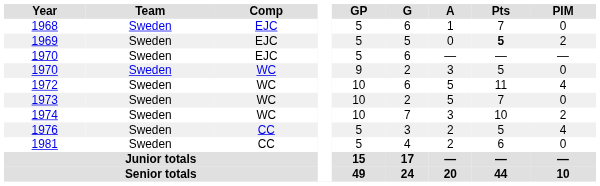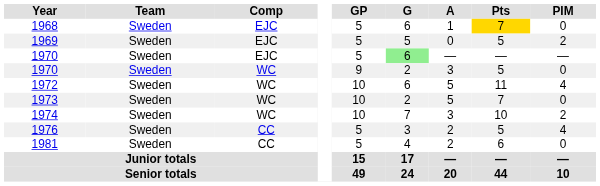 <table border="0" cellpadding="1" cellspacing="0" style="text-align:center; width:50em">
 <tr style="background:#e0e0e0;">
 <th>Year</th>
 <th>Team</th>
 <th>Comp</th>
 <th rowspan="99" style="background:#fff;"> </th>
 <th>GP</th>
 <th>G</th>
 <th>A</th>
 <th>Pts</th>
 <th>PIM</th>
 </tr>
 <tr>
 <td><a href='#'>1968</a></td>
 <td><a href='#'>Sweden</a></td>
 <td><a href='#'>EJC</a></td>
 <td>5</td>
 <td>6</td>
 <td>1</td>
-<td>7</td>
+<td style="background: gold;">7</td>
 <td>0</td>
 </tr>
 <tr bgcolor="#f0f0f0">
 <td><a href='#'>1969</a></td>
 <td>Sweden</td>
 <td>EJC</td>
 <td>5</td>
 <td>5</td>
 <td>0</td>
-<td><strong>5</strong></td>
+<td>5</td>
 <td>2</td>
 </tr>
 <tr>
 <td><a href='#'>1970</a></td>
 <td>Sweden</td>
 <td>EJC</td>
 <td>5</td>
-<td>6</td>
+<td style="background: lightgreen;">6</td>
 <td>—</td>
 <td>—</td>
 <td>—</td>
 </tr>
 <tr bgcolor="#f0f0f0">
 <td><a href='#'>1970</a></td>
 <td><a href='#'>Sweden</a></td>
 <td><a href='#'>WC</a></td>
 <td>9</td>
 <td>2</td>
 <td>3</td>
 <td>5</td>
 <td>0</td>
 </tr>
 <tr>
 <td><a href='#'>1972</a></td>
 <td>Sweden</td>
 <td>WC</td>
 <td>10</td>
 <td>6</td>
 <td>5</td>
 <td>11</td>
 <td>4</td>
 </tr>
 <tr bgcolor="#f0f0f0">
 <td><a href='#'>1973</a></td>
 <td>Sweden</td>
 <td>WC</td>
 <td>10</td>
 <td>2</td>
 <td>5</td>
 <td>7</td>
 <td>0</td>
 </tr>
 <tr>
 <td><a href='#'>1974</a></td>
 <td>Sweden</td>
 <td>WC</td>
 <td>10</td>
 <td>7</td>
 <td>3</td>
 <td>10</td>
 <td>2</td>
 </tr>
 <tr bgcolor="#f0f0f0">
 <td><a href='#'>1976</a></td>
 <td>Sweden</td>
 <td><a href='#'>CC</a></td>
 <td>5</td>
 <td>3</td>
 <td>2</td>
 <td>5</td>
 <td>4</td>
 </tr>
 <tr>
 <td><a href='#'>1981</a></td>
 <td>Sweden</td>
 <td>CC</td>
 <td>5</td>
 <td>4</td>
 <td>2</td>
 <td>6</td>
 <td>0</td>
 </tr>
 <tr style="background:#e0e0e0;">
 <th colspan=3>Junior totals</th>
 <th>15</th>
 <th>17</th>
 <th>—</th>
 <th>—</th>
 <th>—</th>
 </tr>
 <tr style="background:#e0e0e0;">
 <th colspan=3>Senior totals</th>
 <th>49</th>
 <th>24</th>
 <th>20</th>
 <th>44</th>
 <th>10</th>
 </tr>
 </table>
